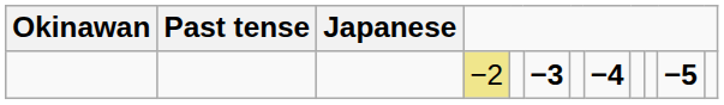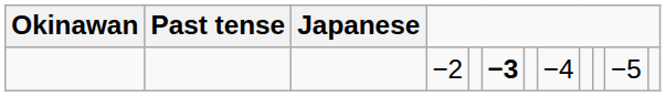 <table class="wikitable">
 <tr>
 <th>Okinawan</th>
 <th>Past tense</th>
 <th>Japanese</th>
 </tr>
 <tr 1>
 <td rowspan="2"></td>
 <td rowspan="3"></td>
 <td></td>
-<td style="background: khaki;">−2</td>
+<td>−2</td>
 <td rowspan="3"></td>
 <td><strong>−3</strong></td>
 <td></td>
-<td><strong>−4</strong></td>
+<td>−4</td>
 <td rowspan="2"></td>
 <td rowspan="2"></td>
-<td><strong>−5</strong></td>
+<td>−5</td>
 <td></td>
 </tr>
 </table>
